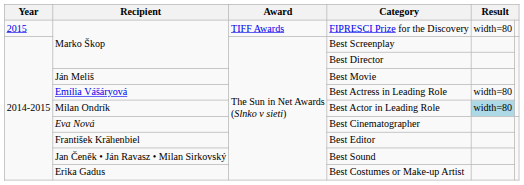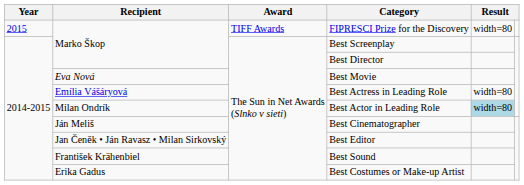 <table class=wikitable>
 <tr>
 <th>Year</th>
 <th>Recipient</th>
 <th>Award</th>
 <th>Category</th>
 <th colspan=2>Result</th>
 </tr>
 <tr>
 <td><a href='#'>2015</a></td>
 <td rowspan=3>Marko Škop</td>
 <td><a href='#'>TIFF Awards</a></td>
 <td><a href='#'>FIPRESCI Prize</a> for the Discovery</td>
 <td>width=80 </td>
 <td align=center></td>
 </tr>
 <tr>
 <td rowspan=9>2014-2015</td>
 <td rowspan=9>The Sun in Net Awards <br>(<em>Slnko v sieti</em>)</td>
 <td>Best Screenplay</td>
 <td></td>
 <td rowspan=5 align=center></td>
 </tr>
 <tr>
 <td>Best Director</td>
 <td></td>
 </tr>
 <tr>
-<td>Ján Meliš</td>
+<td><em>Eva Nová</em></td>
 <td>Best Movie</td>
 <td></td>
 </tr>
 <tr>
 <td><a href='#'>Emília Vášáryová</a></td>
 <td>Best Actress in Leading Role</td>
 <td>width=80 </td>
 </tr>
 <tr>
 <td>Milan Ondrík</td>
 <td>Best Actor in Leading Role</td>
 <td style="background: lightblue;">width=80 </td>
 </tr>
 <tr>
-<td><em>Eva Nová</em></td>
+<td>Ján Meliš</td>
 <td>Best Cinematographer</td>
 <td></td>
 <td rowspan=4 align=center></td>
 </tr>
 <tr>
-<td>František Krähenbiel</td>
+<td>Jan Čeněk • Ján Ravasz • Milan Sirkovský</td>
 <td>Best Editor</td>
 <td></td>
 </tr>
 <tr>
-<td>Jan Čeněk • Ján Ravasz • Milan Sirkovský</td>
+<td>František Krähenbiel</td>
 <td>Best Sound</td>
 <td></td>
 </tr>
 <tr>
 <td>Erika Gadus</td>
 <td>Best Costumes or Make-up Artist</td>
 <td></td>
 </tr>
 </table>
